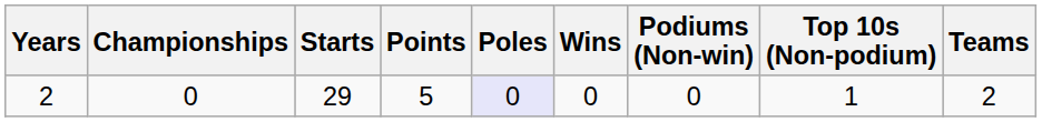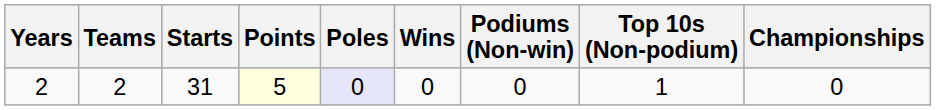 <table class="wikitable" style="text-align:center; font-size:95%">
 <tr>
 <th>Years</th>
-<th>Championships</th>
+<th>Teams</th>
 <th>Starts</th>
 <th>Points</th>
 <th>Poles</th>
 <th>Wins</th>
 <th>Podiums<br>(Non-win)</th>
 <th>Top 10s<br>(Non-podium)</th>
-<th>Teams</th>
+<th>Championships</th>
 </tr>
 <tr>
 <td>2</td>
-<td>0</td>
-<td>29</td>
-<td>5</td>
+<td>2</td>
+<td>31</td>
+<td style="background: lightyellow;">5</td>
 <td style="background: lavender;">0</td>
 <td>0</td>
 <td>0</td>
 <td>1</td>
-<td>2</td>
+<td>0</td>
 </tr>
 </table>
